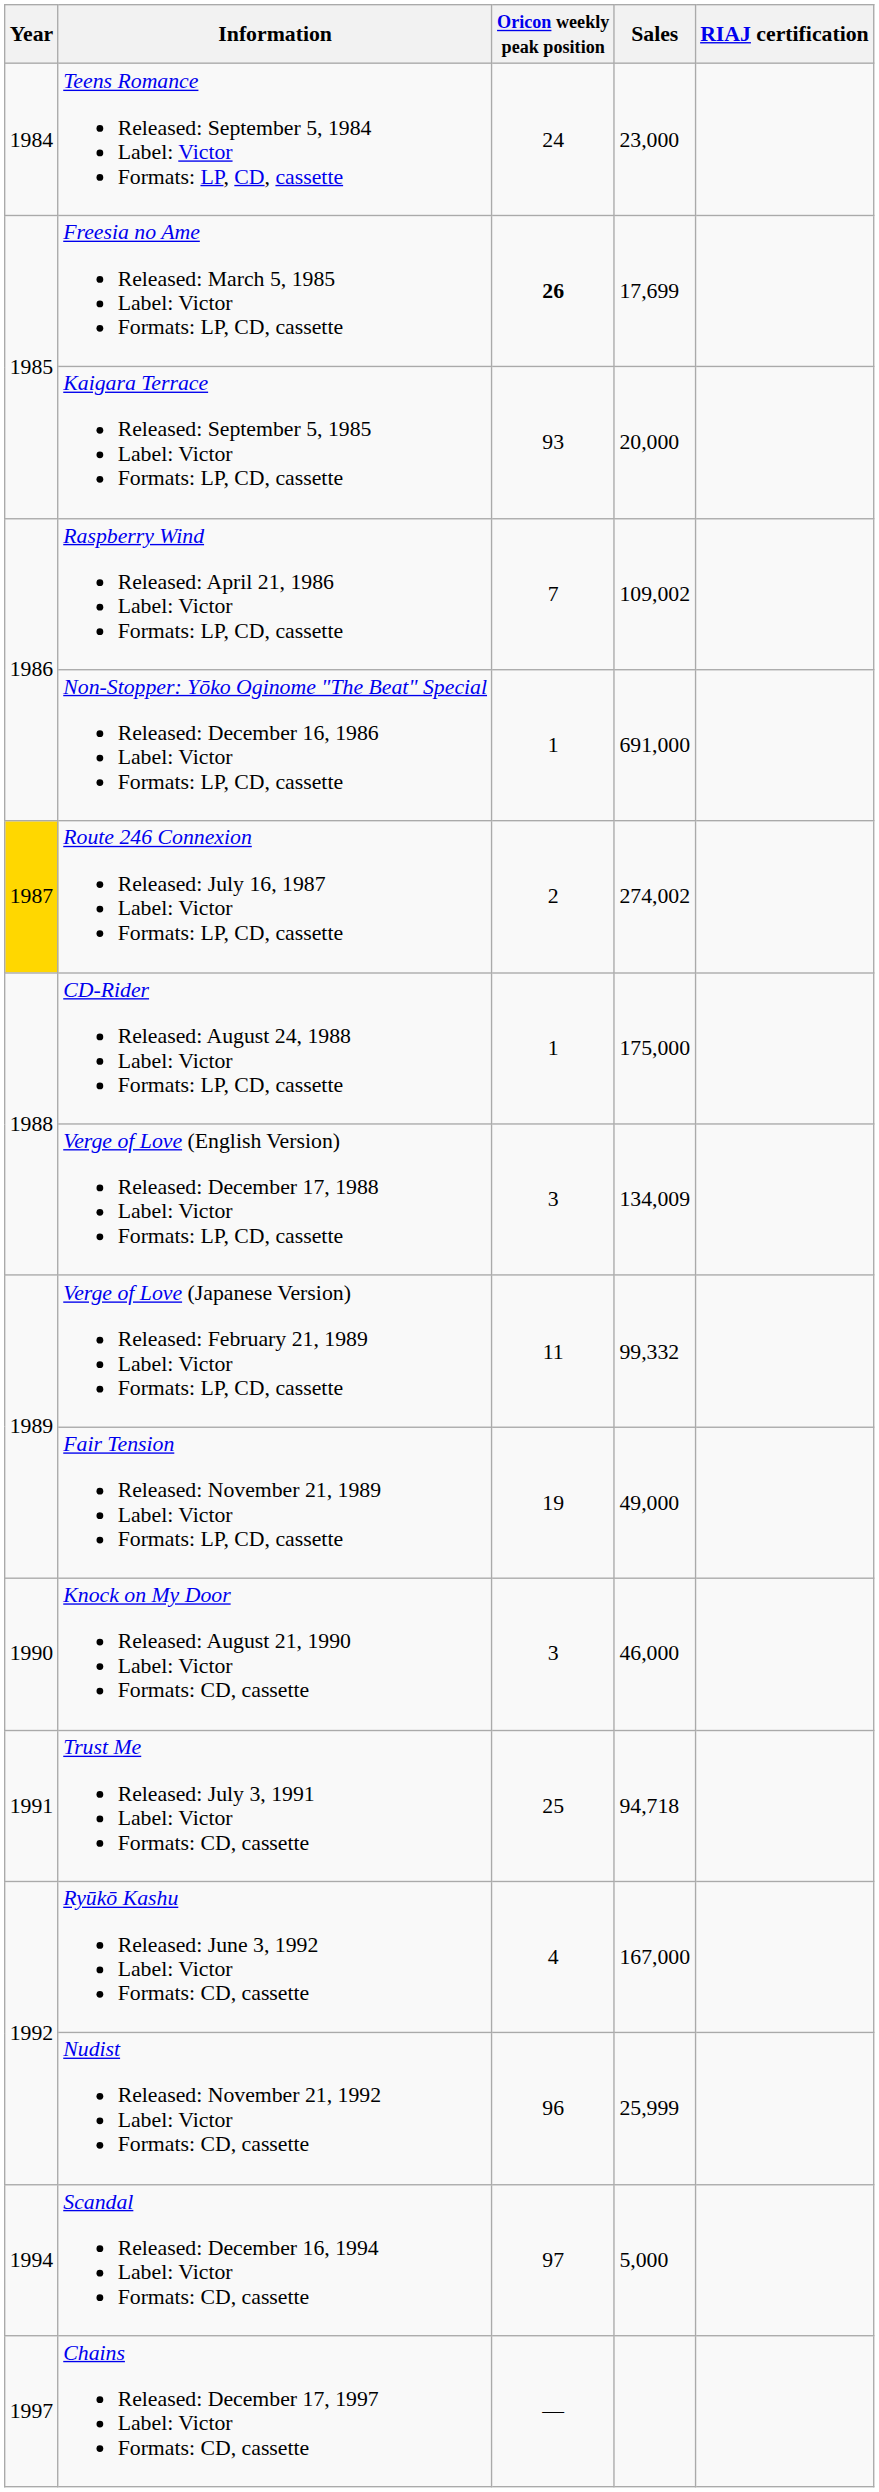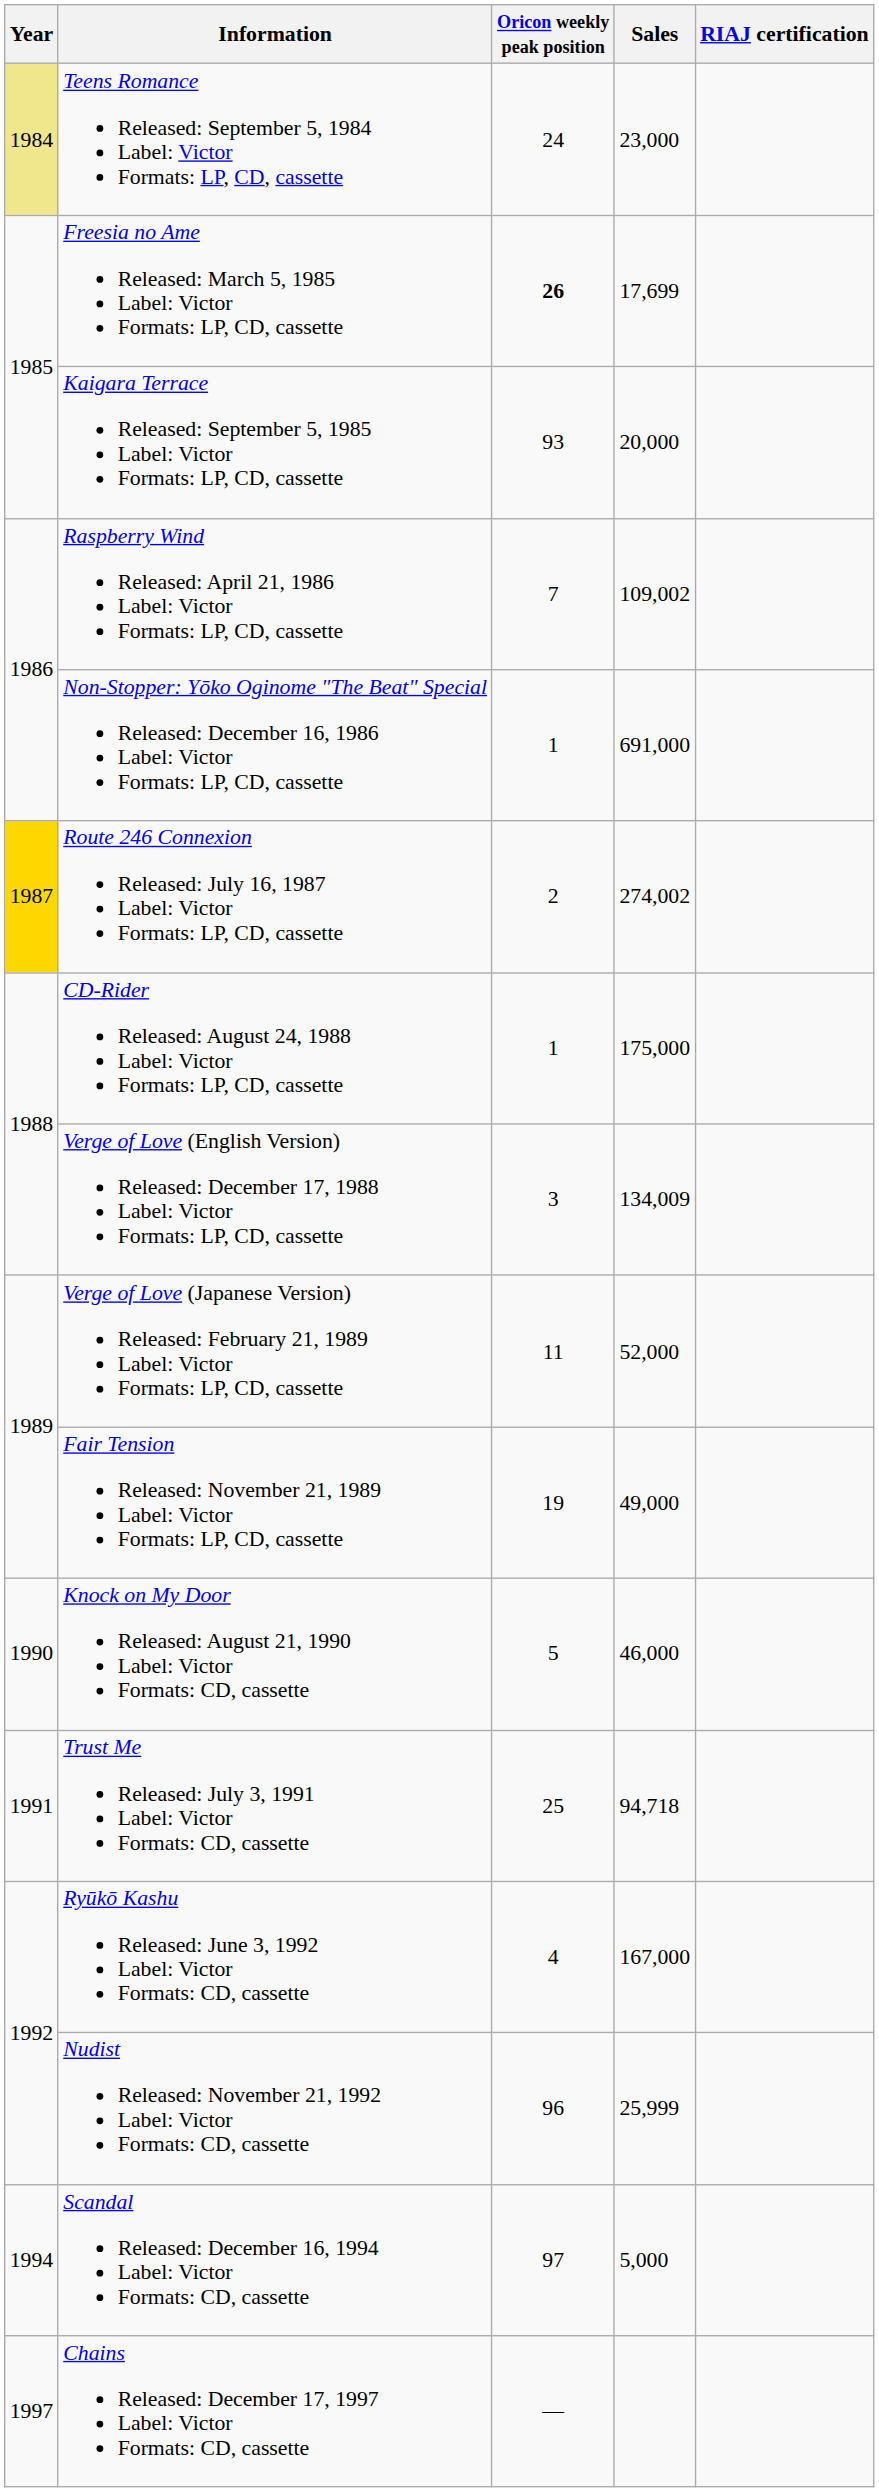 <table class="wikitable">
 <tr>
 <th>Year</th>
 <th>Information</th>
 <th><small><a href='#'>Oricon</a> weekly<br>peak position</small></th>
 <th>Sales<br></th>
 <th><a href='#'>RIAJ</a> certification</th>
 </tr>
 <tr>
-<td>1984</td>
+<td style="background: khaki;">1984</td>
 <td><em><a href='#'>Teens Romance</a></em><br><ul><li>Released: September 5, 1984</li><li>Label: <a href='#'>Victor</a></li><li>Formats: <a href='#'>LP</a>, <a href='#'>CD</a>, <a href='#'>cassette</a></li></ul></td>
 <td style="text-align:center;">24</td>
 <td align="left">23,000</td>
 <td align="left"></td>
 </tr>
 <tr>
 <td rowspan="2">1985</td>
 <td><em><a href='#'>Freesia no Ame</a></em><br><ul><li>Released: March 5, 1985</li><li>Label: Victor</li><li>Formats: LP, CD, cassette</li></ul></td>
 <td style="text-align:center;"><strong>26</strong></td>
 <td align="left">17,699</td>
 <td align="left"></td>
 </tr>
 <tr>
 <td><em><a href='#'>Kaigara Terrace</a></em><br><ul><li>Released: September 5, 1985</li><li>Label: Victor</li><li>Formats: LP, CD, cassette</li></ul></td>
 <td style="text-align:center;">93</td>
 <td align="left">20,000</td>
 <td align="left"></td>
 </tr>
 <tr>
 <td rowspan="2">1986</td>
 <td><em><a href='#'>Raspberry Wind</a></em><br><ul><li>Released: April 21, 1986</li><li>Label: Victor</li><li>Formats: LP, CD, cassette</li></ul></td>
 <td style="text-align:center;">7</td>
 <td align="left">109,002</td>
 <td align="left"></td>
 </tr>
 <tr>
 <td><em><a href='#'>Non-Stopper: Yōko Oginome "The Beat" Special</a></em><br><ul><li>Released: December 16, 1986</li><li>Label: Victor</li><li>Formats: LP, CD, cassette</li></ul></td>
 <td style="text-align:center;">1</td>
 <td align="left">691,000</td>
 <td align="left"></td>
 </tr>
 <tr>
 <td style="background: gold;">1987</td>
 <td><em><a href='#'>Route 246 Connexion</a></em><br><ul><li>Released: July 16, 1987</li><li>Label: Victor</li><li>Formats: LP, CD, cassette</li></ul></td>
 <td style="text-align:center;">2</td>
 <td align="left">274,002</td>
 <td align="left"></td>
 </tr>
 <tr>
 <td rowspan="2">1988</td>
 <td><em><a href='#'>CD-Rider</a></em><br><ul><li>Released: August 24, 1988</li><li>Label: Victor</li><li>Formats: LP, CD, cassette</li></ul></td>
 <td style="text-align:center;">1</td>
 <td align="left">175,000</td>
 <td align="left"></td>
 </tr>
 <tr>
 <td><em><a href='#'>Verge of Love</a></em> (English Version)<br><ul><li>Released: December 17, 1988</li><li>Label: Victor</li><li>Formats: LP, CD, cassette</li></ul></td>
 <td style="text-align:center;">3</td>
 <td align="left">134,009</td>
 <td align="left"></td>
 </tr>
 <tr>
 <td rowspan="2">1989</td>
 <td><em><a href='#'>Verge of Love</a></em> (Japanese Version)<br><ul><li>Released: February 21, 1989</li><li>Label: Victor</li><li>Formats: LP, CD, cassette</li></ul></td>
 <td style="text-align:center;">11</td>
-<td align="left">99,332</td>
+<td align="left">52,000</td>
 <td align="left"></td>
 </tr>
 <tr>
 <td><em><a href='#'>Fair Tension</a></em><br><ul><li>Released: November 21, 1989</li><li>Label: Victor</li><li>Formats: LP, CD, cassette</li></ul></td>
 <td style="text-align:center;">19</td>
 <td align="left">49,000</td>
 <td align="left"></td>
 </tr>
 <tr>
 <td>1990</td>
 <td><em><a href='#'>Knock on My Door</a></em><br><ul><li>Released: August 21, 1990</li><li>Label: Victor</li><li>Formats: CD, cassette</li></ul></td>
-<td style="text-align:center;">3</td>
+<td style="text-align:center;">5</td>
 <td align="left">46,000</td>
 <td align="left"></td>
 </tr>
 <tr>
 <td>1991</td>
 <td><em><a href='#'>Trust Me</a></em><br><ul><li>Released: July 3, 1991</li><li>Label: Victor</li><li>Formats: CD, cassette</li></ul></td>
 <td style="text-align:center;">25</td>
 <td align="left">94,718</td>
 <td align="left"></td>
 </tr>
 <tr>
 <td rowspan="2">1992</td>
 <td><em><a href='#'>Ryūkō Kashu</a></em><br><ul><li>Released: June 3, 1992</li><li>Label: Victor</li><li>Formats: CD, cassette</li></ul></td>
 <td style="text-align:center;">4</td>
 <td align="left">167,000</td>
 <td align="left"></td>
 </tr>
 <tr>
 <td><em><a href='#'>Nudist</a></em><br><ul><li>Released: November 21, 1992</li><li>Label: Victor</li><li>Formats: CD, cassette</li></ul></td>
 <td style="text-align:center;">96</td>
 <td align="left">25,999</td>
 <td align="left"></td>
 </tr>
 <tr>
 <td>1994</td>
 <td><em><a href='#'>Scandal</a></em><br><ul><li>Released: December 16, 1994</li><li>Label: Victor</li><li>Formats: CD, cassette</li></ul></td>
 <td style="text-align:center;">97</td>
 <td align="left">5,000</td>
 <td align="left"></td>
 </tr>
 <tr>
 <td>1997</td>
 <td><em><a href='#'>Chains</a></em><br><ul><li>Released: December 17, 1997</li><li>Label: Victor</li><li>Formats: CD, cassette</li></ul></td>
 <td style="text-align:center;">—</td>
 <td align="left"></td>
 <td align="left"></td>
 </tr>
 </table>
